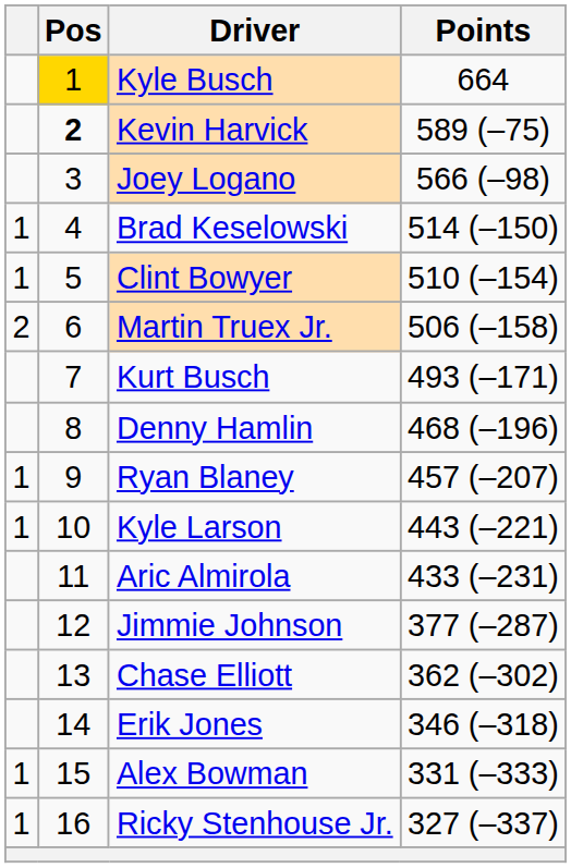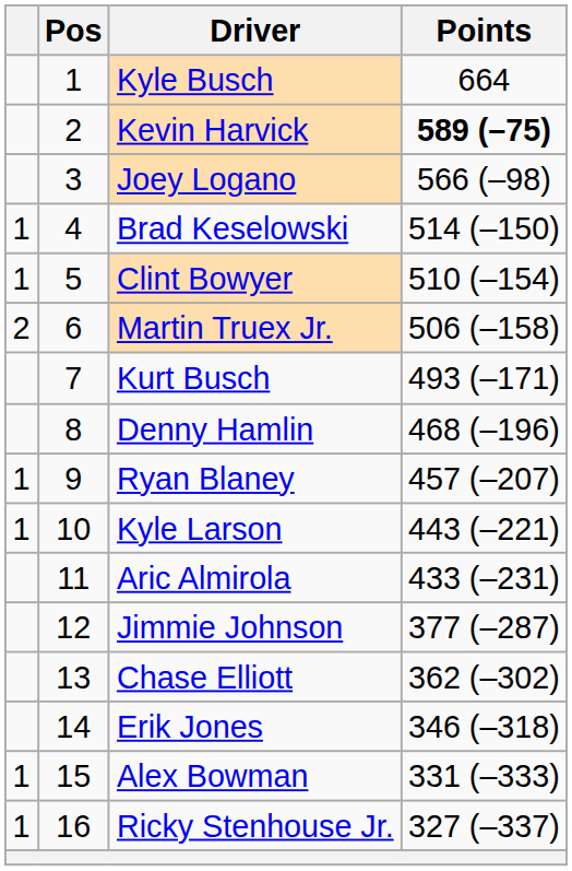 <table class="wikitable" style="font-size: 95%">
 <tr>
 <th></th>
 <th>Pos</th>
 <th>Driver</th>
 <th>Points</th>
 </tr>
 <tr>
 <td align="left"></td>
-<td style="background: gold; text-align:center;">1</td>
+<td style="text-align:center;">1</td>
 <td style="background:#FFDEAD;"><a href='#'>Kyle Busch</a></td>
 <td style="text-align:center;">664</td>
 </tr>
 <tr>
 <td align="left"></td>
-<td style="text-align:center;"><strong>2</strong></td>
+<td style="text-align:center;">2</td>
 <td style="background:#FFDEAD;"><a href='#'>Kevin Harvick</a></td>
-<td style="text-align:center;">589 (–75)</td>
+<td style="text-align:center;"><strong>589 (–75)</strong></td>
 </tr>
 <tr>
 <td align="left"></td>
 <td style="text-align:center;">3</td>
 <td style="background:#FFDEAD;"><a href='#'>Joey Logano</a></td>
 <td style="text-align:center;">566 (–98)</td>
 </tr>
 <tr>
 <td align="left"> 1</td>
 <td style="text-align:center;">4</td>
 <td><a href='#'>Brad Keselowski</a></td>
 <td style="text-align:center;">514 (–150)</td>
 </tr>
 <tr>
 <td align="left"> 1</td>
 <td style="text-align:center;">5</td>
 <td style="background:#FFDEAD;"><a href='#'>Clint Bowyer</a></td>
 <td style="text-align:center;">510 (–154)</td>
 </tr>
 <tr>
 <td align="left"> 2</td>
 <td style="text-align:center;">6</td>
 <td style="background:#FFDEAD;"><a href='#'>Martin Truex Jr.</a></td>
 <td style="text-align:center;">506 (–158)</td>
 </tr>
 <tr>
 <td align="left"></td>
 <td style="text-align:center;">7</td>
 <td><a href='#'>Kurt Busch</a></td>
 <td style="text-align:center;">493 (–171)</td>
 </tr>
 <tr>
 <td align="left"></td>
 <td style="text-align:center;">8</td>
 <td><a href='#'>Denny Hamlin</a></td>
 <td style="text-align:center;">468 (–196)</td>
 </tr>
 <tr>
 <td align="left"> 1</td>
 <td style="text-align:center;">9</td>
 <td><a href='#'>Ryan Blaney</a></td>
 <td style="text-align:center;">457 (–207)</td>
 </tr>
 <tr>
 <td align="left"> 1</td>
 <td style="text-align:center;">10</td>
 <td><a href='#'>Kyle Larson</a></td>
 <td style="text-align:center;">443 (–221)</td>
 </tr>
 <tr>
 <td align="left"></td>
 <td style="text-align:center;">11</td>
 <td><a href='#'>Aric Almirola</a></td>
 <td style="text-align:center;">433 (–231)</td>
 </tr>
 <tr>
 <td align="left"></td>
 <td style="text-align:center;">12</td>
 <td><a href='#'>Jimmie Johnson</a></td>
 <td style="text-align:center;">377 (–287)</td>
 </tr>
 <tr>
 <td align="left"></td>
 <td style="text-align:center;">13</td>
 <td><a href='#'>Chase Elliott</a></td>
 <td style="text-align:center;">362 (–302)</td>
 </tr>
 <tr>
 <td align="left"></td>
 <td style="text-align:center;">14</td>
 <td><a href='#'>Erik Jones</a></td>
 <td style="text-align:center;">346 (–318)</td>
 </tr>
 <tr>
 <td align="left"> 1</td>
 <td style="text-align:center;">15</td>
 <td><a href='#'>Alex Bowman</a></td>
 <td style="text-align:center;">331 (–333)</td>
 </tr>
 <tr>
 <td align="left"> 1</td>
 <td style="text-align:center;">16</td>
 <td><a href='#'>Ricky Stenhouse Jr.</a></td>
 <td style="text-align:center;">327 (–337)</td>
 </tr>
 <tr class="sortbottom">
 <th colspan="9"></th>
 </tr>
 </table>
